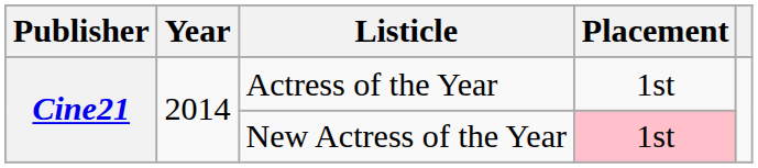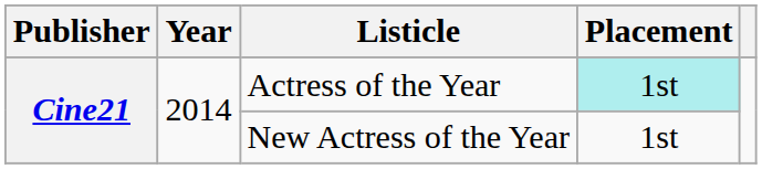 <table class="wikitable plainrowheaders sortable">
 <tr>
 <th scope="col">Publisher</th>
 <th scope="col">Year</th>
 <th scope="col">Listicle</th>
 <th scope="col">Placement</th>
 <th scope="col" class="unsortable"></th>
 </tr>
 <tr>
 <th scope="row" rowspan="2"><em><a href='#'>Cine21</a></em></th>
 <td style="text-align:center" rowspan="2">2014</td>
 <td>Actress of the Year</td>
-<td style="text-align:center">1st</td>
+<td style="background: paleturquoise; text-align:center">1st</td>
 <td style="text-align:center" rowspan="2"></td>
 </tr>
 <tr>
 <td>New Actress of the Year</td>
-<td style="background: pink; text-align:center">1st</td>
+<td style="text-align:center">1st</td>
 </tr>
 </table>
